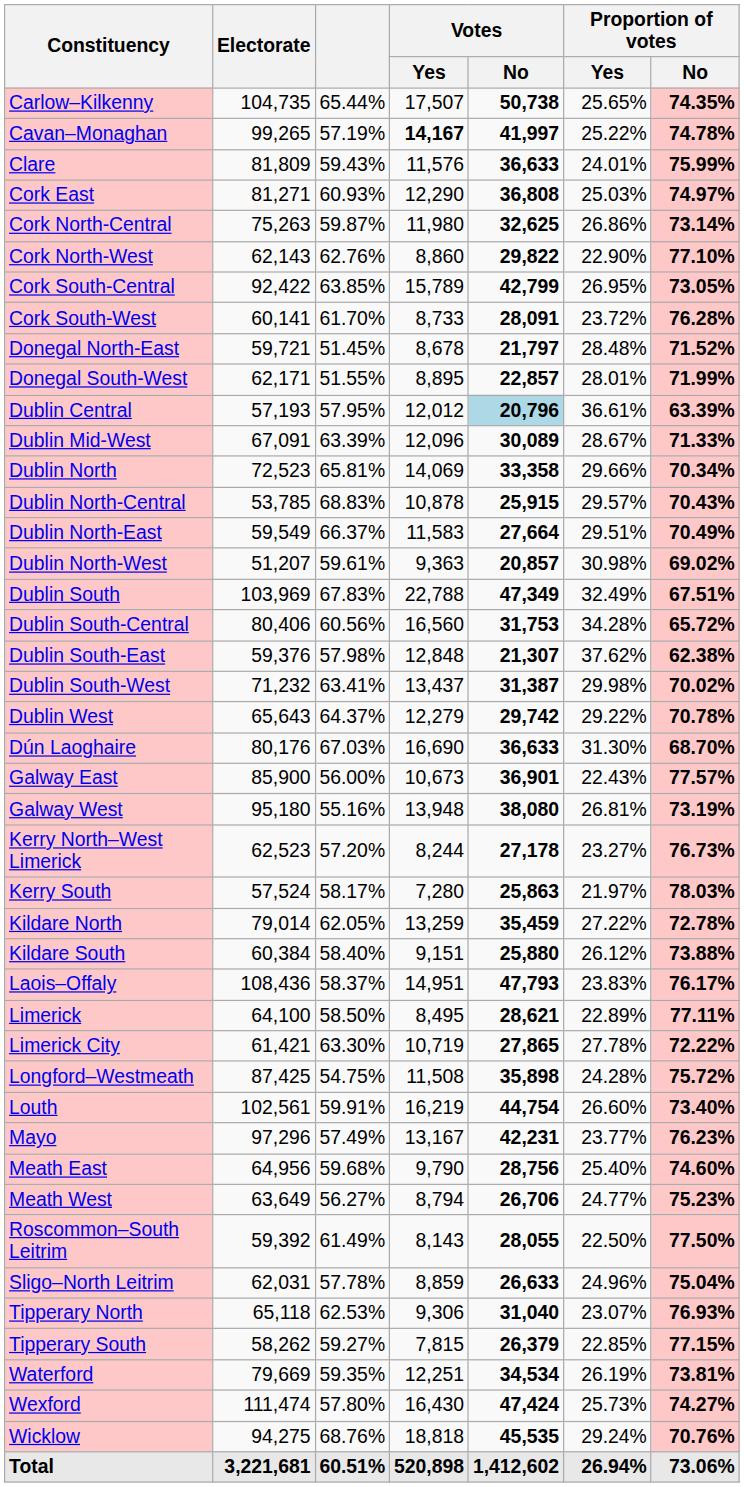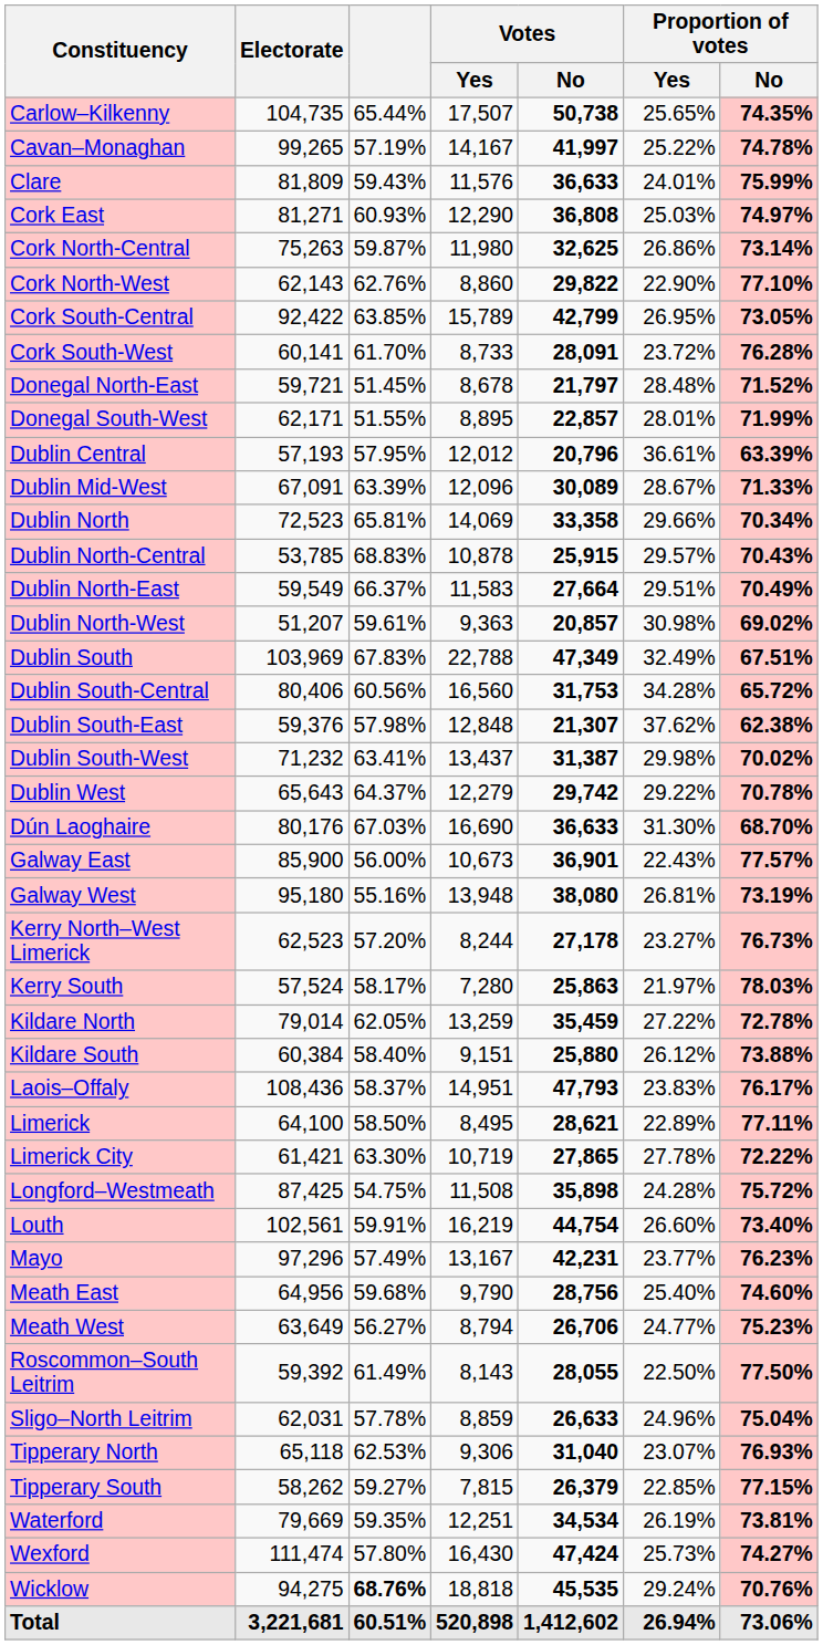 <table class="wikitable sortable">
 <tr>
 <th rowspan=2>Constituency</th>
 <th rowspan=2>Electorate</th>
 <th rowspan=2></th>
 <th colspan=2>Votes</th>
 <th colspan=2>Proportion of votes</th>
 </tr>
 <tr>
 <th>Yes</th>
 <th>No</th>
 <th>Yes</th>
 <th>No</th>
 </tr>
 <tr>
 <td style="background:#ffc8c8;"><a href='#'>Carlow–Kilkenny</a></td>
 <td style="text-align: right;">104,735</td>
 <td style="text-align: right;">65.44%</td>
 <td style="text-align: right;">17,507</td>
 <td style="text-align: right;"><strong>50,738</strong></td>
 <td style="text-align: right;">25.65%</td>
 <td style="text-align: right; background:#ffc8c8;"><strong>74.35%</strong></td>
 </tr>
 <tr>
 <td style="background:#ffc8c8;"><a href='#'>Cavan–Monaghan</a></td>
 <td style="text-align: right;">99,265</td>
 <td style="text-align: right;">57.19%</td>
-<td style="text-align: right;"><strong>14,167</strong></td>
+<td style="text-align: right;">14,167</td>
 <td style="text-align: right;"><strong>41,997</strong></td>
 <td style="text-align: right;">25.22%</td>
 <td style="text-align: right; background:#ffc8c8;"><strong>74.78%</strong></td>
 </tr>
 <tr>
 <td style="background:#ffc8c8;"><a href='#'>Clare</a></td>
 <td style="text-align: right;">81,809</td>
 <td style="text-align: right;">59.43%</td>
 <td style="text-align: right;">11,576</td>
 <td style="text-align: right;"><strong>36,633</strong></td>
 <td style="text-align: right;">24.01%</td>
 <td style="text-align: right; background:#ffc8c8;"><strong>75.99%</strong></td>
 </tr>
 <tr>
 <td style="background:#ffc8c8;"><a href='#'>Cork East</a></td>
 <td style="text-align: right;">81,271</td>
 <td style="text-align: right;">60.93%</td>
 <td style="text-align: right;">12,290</td>
 <td style="text-align: right;"><strong>36,808</strong></td>
 <td style="text-align: right;">25.03%</td>
 <td style="text-align: right; background:#ffc8c8;"><strong>74.97%</strong></td>
 </tr>
 <tr>
 <td style="background:#ffc8c8;"><a href='#'>Cork North-Central</a></td>
 <td style="text-align: right;">75,263</td>
 <td style="text-align: right;">59.87%</td>
 <td style="text-align: right;">11,980</td>
 <td style="text-align: right;"><strong>32,625</strong></td>
 <td style="text-align: right;">26.86%</td>
 <td style="text-align: right; background:#ffc8c8;"><strong>73.14%</strong></td>
 </tr>
 <tr>
 <td style="background:#ffc8c8;"><a href='#'>Cork North-West</a></td>
 <td style="text-align: right;">62,143</td>
 <td style="text-align: right;">62.76%</td>
 <td style="text-align: right;">8,860</td>
 <td style="text-align: right;"><strong>29,822</strong></td>
 <td style="text-align: right;">22.90%</td>
 <td style="text-align: right; background:#ffc8c8;"><strong>77.10%</strong></td>
 </tr>
 <tr>
 <td style="background:#ffc8c8;"><a href='#'>Cork South-Central</a></td>
 <td style="text-align: right;">92,422</td>
 <td style="text-align: right;">63.85%</td>
 <td style="text-align: right;">15,789</td>
 <td style="text-align: right;"><strong>42,799</strong></td>
 <td style="text-align: right;">26.95%</td>
 <td style="text-align: right; background:#ffc8c8;"><strong>73.05%</strong></td>
 </tr>
 <tr>
 <td style="background:#ffc8c8;"><a href='#'>Cork South-West</a></td>
 <td style="text-align: right;">60,141</td>
 <td style="text-align: right;">61.70%</td>
 <td style="text-align: right;">8,733</td>
 <td style="text-align: right;"><strong>28,091</strong></td>
 <td style="text-align: right;">23.72%</td>
 <td style="text-align: right; background:#ffc8c8;"><strong>76.28%</strong></td>
 </tr>
 <tr>
 <td style="background:#ffc8c8;"><a href='#'>Donegal North-East</a></td>
 <td style="text-align: right;">59,721</td>
 <td style="text-align: right;">51.45%</td>
 <td style="text-align: right;">8,678</td>
 <td style="text-align: right;"><strong>21,797</strong></td>
 <td style="text-align: right;">28.48%</td>
 <td style="text-align: right; background:#ffc8c8;"><strong>71.52%</strong></td>
 </tr>
 <tr>
 <td style="background:#ffc8c8;"><a href='#'>Donegal South-West</a></td>
 <td style="text-align: right;">62,171</td>
 <td style="text-align: right;">51.55%</td>
 <td style="text-align: right;">8,895</td>
 <td style="text-align: right;"><strong>22,857</strong></td>
 <td style="text-align: right;">28.01%</td>
 <td style="text-align: right; background:#ffc8c8;"><strong>71.99%</strong></td>
 </tr>
 <tr>
 <td style="background:#ffc8c8;"><a href='#'>Dublin Central</a></td>
 <td style="text-align: right;">57,193</td>
 <td style="text-align: right;">57.95%</td>
 <td style="text-align: right;">12,012</td>
-<td style="background: lightblue; text-align: right;"><strong>20,796</strong></td>
+<td style="text-align: right;"><strong>20,796</strong></td>
 <td style="text-align: right;">36.61%</td>
 <td style="text-align: right; background:#ffc8c8;"><strong>63.39%</strong></td>
 </tr>
 <tr>
 <td style="background:#ffc8c8;"><a href='#'>Dublin Mid-West</a></td>
 <td style="text-align: right;">67,091</td>
 <td style="text-align: right;">63.39%</td>
 <td style="text-align: right;">12,096</td>
 <td style="text-align: right;"><strong>30,089</strong></td>
 <td style="text-align: right;">28.67%</td>
 <td style="text-align: right; background:#ffc8c8;"><strong>71.33%</strong></td>
 </tr>
 <tr>
 <td style="background:#ffc8c8;"><a href='#'>Dublin North</a></td>
 <td style="text-align: right;">72,523</td>
 <td style="text-align: right;">65.81%</td>
 <td style="text-align: right;">14,069</td>
 <td style="text-align: right;"><strong>33,358</strong></td>
 <td style="text-align: right;">29.66%</td>
 <td style="text-align: right; background:#ffc8c8;"><strong>70.34%</strong></td>
 </tr>
 <tr>
 <td style="background:#ffc8c8;"><a href='#'>Dublin North-Central</a></td>
 <td style="text-align: right;">53,785</td>
 <td style="text-align: right;">68.83%</td>
 <td style="text-align: right;">10,878</td>
 <td style="text-align: right;"><strong>25,915</strong></td>
 <td style="text-align: right;">29.57%</td>
 <td style="text-align: right; background:#ffc8c8;"><strong>70.43%</strong></td>
 </tr>
 <tr>
 <td style="background:#ffc8c8;"><a href='#'>Dublin North-East</a></td>
 <td style="text-align: right;">59,549</td>
 <td style="text-align: right;">66.37%</td>
 <td style="text-align: right;">11,583</td>
 <td style="text-align: right;"><strong>27,664</strong></td>
 <td style="text-align: right;">29.51%</td>
 <td style="text-align: right; background:#ffc8c8;"><strong>70.49%</strong></td>
 </tr>
 <tr>
 <td style="background:#ffc8c8;"><a href='#'>Dublin North-West</a></td>
 <td style="text-align: right;">51,207</td>
 <td style="text-align: right;">59.61%</td>
 <td style="text-align: right;">9,363</td>
 <td style="text-align: right;"><strong>20,857</strong></td>
 <td style="text-align: right;">30.98%</td>
 <td style="text-align: right; background:#ffc8c8;"><strong>69.02%</strong></td>
 </tr>
 <tr>
 <td style="background:#ffc8c8;"><a href='#'>Dublin South</a></td>
 <td style="text-align: right;">103,969</td>
 <td style="text-align: right;">67.83%</td>
 <td style="text-align: right;">22,788</td>
 <td style="text-align: right;"><strong>47,349</strong></td>
 <td style="text-align: right;">32.49%</td>
 <td style="text-align: right; background:#ffc8c8;"><strong>67.51%</strong></td>
 </tr>
 <tr>
 <td style="background:#ffc8c8;"><a href='#'>Dublin South-Central</a></td>
 <td style="text-align: right;">80,406</td>
 <td style="text-align: right;">60.56%</td>
 <td style="text-align: right;">16,560</td>
 <td style="text-align: right;"><strong>31,753</strong></td>
 <td style="text-align: right;">34.28%</td>
 <td style="text-align: right; background:#ffc8c8;"><strong>65.72%</strong></td>
 </tr>
 <tr>
 <td style="background:#ffc8c8;"><a href='#'>Dublin South-East</a></td>
 <td style="text-align: right;">59,376</td>
 <td style="text-align: right;">57.98%</td>
 <td style="text-align: right;">12,848</td>
 <td style="text-align: right;"><strong>21,307</strong></td>
 <td style="text-align: right;">37.62%</td>
 <td style="text-align: right; background:#ffc8c8;"><strong>62.38%</strong></td>
 </tr>
 <tr>
 <td style="background:#ffc8c8;"><a href='#'>Dublin South-West</a></td>
 <td style="text-align: right;">71,232</td>
 <td style="text-align: right;">63.41%</td>
 <td style="text-align: right;">13,437</td>
 <td style="text-align: right;"><strong>31,387</strong></td>
 <td style="text-align: right;">29.98%</td>
 <td style="text-align: right; background:#ffc8c8;"><strong>70.02%</strong></td>
 </tr>
 <tr>
 <td style="background:#ffc8c8;"><a href='#'>Dublin West</a></td>
 <td style="text-align: right;">65,643</td>
 <td style="text-align: right;">64.37%</td>
 <td style="text-align: right;">12,279</td>
 <td style="text-align: right;"><strong>29,742</strong></td>
 <td style="text-align: right;">29.22%</td>
 <td style="text-align: right; background:#ffc8c8;"><strong>70.78%</strong></td>
 </tr>
 <tr>
 <td style="background:#ffc8c8;"><a href='#'>Dún Laoghaire</a></td>
 <td style="text-align: right;">80,176</td>
 <td style="text-align: right;">67.03%</td>
 <td style="text-align: right;">16,690</td>
 <td style="text-align: right;"><strong>36,633</strong></td>
 <td style="text-align: right;">31.30%</td>
 <td style="text-align: right; background:#ffc8c8;"><strong>68.70%</strong></td>
 </tr>
 <tr>
 <td style="background:#ffc8c8;"><a href='#'>Galway East</a></td>
 <td style="text-align: right;">85,900</td>
 <td style="text-align: right;">56.00%</td>
 <td style="text-align: right;">10,673</td>
 <td style="text-align: right;"><strong>36,901</strong></td>
 <td style="text-align: right;">22.43%</td>
 <td style="text-align: right; background:#ffc8c8;"><strong>77.57%</strong></td>
 </tr>
 <tr>
 <td style="background:#ffc8c8;"><a href='#'>Galway West</a></td>
 <td style="text-align: right;">95,180</td>
 <td style="text-align: right;">55.16%</td>
 <td style="text-align: right;">13,948</td>
 <td style="text-align: right;"><strong>38,080</strong></td>
 <td style="text-align: right;">26.81%</td>
 <td style="text-align: right; background:#ffc8c8;"><strong>73.19%</strong></td>
 </tr>
 <tr>
 <td style="background:#ffc8c8;"><a href='#'>Kerry North–West Limerick</a></td>
 <td style="text-align: right;">62,523</td>
 <td style="text-align: right;">57.20%</td>
 <td style="text-align: right;">8,244</td>
 <td style="text-align: right;"><strong>27,178</strong></td>
 <td style="text-align: right;">23.27%</td>
 <td style="text-align: right; background:#ffc8c8;"><strong>76.73%</strong></td>
 </tr>
 <tr>
 <td style="background:#ffc8c8;"><a href='#'>Kerry South</a></td>
 <td style="text-align: right;">57,524</td>
 <td style="text-align: right;">58.17%</td>
 <td style="text-align: right;">7,280</td>
 <td style="text-align: right;"><strong>25,863</strong></td>
 <td style="text-align: right;">21.97%</td>
 <td style="text-align: right; background:#ffc8c8;"><strong>78.03%</strong></td>
 </tr>
 <tr>
 <td style="background:#ffc8c8;"><a href='#'>Kildare North</a></td>
 <td style="text-align: right;">79,014</td>
 <td style="text-align: right;">62.05%</td>
 <td style="text-align: right;">13,259</td>
 <td style="text-align: right;"><strong>35,459</strong></td>
 <td style="text-align: right;">27.22%</td>
 <td style="text-align: right; background:#ffc8c8;"><strong>72.78%</strong></td>
 </tr>
 <tr>
 <td style="background:#ffc8c8;"><a href='#'>Kildare South</a></td>
 <td style="text-align: right;">60,384</td>
 <td style="text-align: right;">58.40%</td>
 <td style="text-align: right;">9,151</td>
 <td style="text-align: right;"><strong>25,880</strong></td>
 <td style="text-align: right;">26.12%</td>
 <td style="text-align: right; background:#ffc8c8;"><strong>73.88%</strong></td>
 </tr>
 <tr>
 <td style="background:#ffc8c8;"><a href='#'>Laois–Offaly</a></td>
 <td style="text-align: right;">108,436</td>
 <td style="text-align: right;">58.37%</td>
 <td style="text-align: right;">14,951</td>
 <td style="text-align: right;"><strong>47,793</strong></td>
 <td style="text-align: right;">23.83%</td>
 <td style="text-align: right; background:#ffc8c8;"><strong>76.17%</strong></td>
 </tr>
 <tr>
 <td style="background:#ffc8c8;"><a href='#'>Limerick</a></td>
 <td style="text-align: right;">64,100</td>
 <td style="text-align: right;">58.50%</td>
 <td style="text-align: right;">8,495</td>
 <td style="text-align: right;"><strong>28,621</strong></td>
 <td style="text-align: right;">22.89%</td>
 <td style="text-align: right; background:#ffc8c8;"><strong>77.11%</strong></td>
 </tr>
 <tr>
 <td style="background:#ffc8c8;"><a href='#'>Limerick City</a></td>
 <td style="text-align: right;">61,421</td>
 <td style="text-align: right;">63.30%</td>
 <td style="text-align: right;">10,719</td>
 <td style="text-align: right;"><strong>27,865</strong></td>
 <td style="text-align: right;">27.78%</td>
 <td style="text-align: right; background:#ffc8c8;"><strong>72.22%</strong></td>
 </tr>
 <tr>
 <td style="background:#ffc8c8;"><a href='#'>Longford–Westmeath</a></td>
 <td style="text-align: right;">87,425</td>
 <td style="text-align: right;">54.75%</td>
 <td style="text-align: right;">11,508</td>
 <td style="text-align: right;"><strong>35,898</strong></td>
 <td style="text-align: right;">24.28%</td>
 <td style="text-align: right; background:#ffc8c8;"><strong>75.72%</strong></td>
 </tr>
 <tr>
 <td style="background:#ffc8c8;"><a href='#'>Louth</a></td>
 <td style="text-align: right;">102,561</td>
 <td style="text-align: right;">59.91%</td>
 <td style="text-align: right;">16,219</td>
 <td style="text-align: right;"><strong>44,754</strong></td>
 <td style="text-align: right;">26.60%</td>
 <td style="text-align: right; background:#ffc8c8;"><strong>73.40%</strong></td>
 </tr>
 <tr>
 <td style="background:#ffc8c8;"><a href='#'>Mayo</a></td>
 <td style="text-align: right;">97,296</td>
 <td style="text-align: right;">57.49%</td>
 <td style="text-align: right;">13,167</td>
 <td style="text-align: right;"><strong>42,231</strong></td>
 <td style="text-align: right;">23.77%</td>
 <td style="text-align: right; background:#ffc8c8;"><strong>76.23%</strong></td>
 </tr>
 <tr>
 <td style="background:#ffc8c8;"><a href='#'>Meath East</a></td>
 <td style="text-align: right;">64,956</td>
 <td style="text-align: right;">59.68%</td>
 <td style="text-align: right;">9,790</td>
 <td style="text-align: right;"><strong>28,756</strong></td>
 <td style="text-align: right;">25.40%</td>
 <td style="text-align: right; background:#ffc8c8;"><strong>74.60%</strong></td>
 </tr>
 <tr>
 <td style="background:#ffc8c8;"><a href='#'>Meath West</a></td>
 <td style="text-align: right;">63,649</td>
 <td style="text-align: right;">56.27%</td>
 <td style="text-align: right;">8,794</td>
 <td style="text-align: right;"><strong>26,706</strong></td>
 <td style="text-align: right;">24.77%</td>
 <td style="text-align: right; background:#ffc8c8;"><strong>75.23%</strong></td>
 </tr>
 <tr>
 <td style="background:#ffc8c8;"><a href='#'>Roscommon–South Leitrim</a></td>
 <td style="text-align: right;">59,392</td>
 <td style="text-align: right;">61.49%</td>
 <td style="text-align: right;">8,143</td>
 <td style="text-align: right;"><strong>28,055</strong></td>
 <td style="text-align: right;">22.50%</td>
 <td style="text-align: right; background:#ffc8c8;"><strong>77.50%</strong></td>
 </tr>
 <tr>
 <td style="background:#ffc8c8;"><a href='#'>Sligo–North Leitrim</a></td>
 <td style="text-align: right;">62,031</td>
 <td style="text-align: right;">57.78%</td>
 <td style="text-align: right;">8,859</td>
 <td style="text-align: right;"><strong>26,633</strong></td>
 <td style="text-align: right;">24.96%</td>
 <td style="text-align: right; background:#ffc8c8;"><strong>75.04%</strong></td>
 </tr>
 <tr>
 <td style="background:#ffc8c8;"><a href='#'>Tipperary North</a></td>
 <td style="text-align: right;">65,118</td>
 <td style="text-align: right;">62.53%</td>
 <td style="text-align: right;">9,306</td>
 <td style="text-align: right;"><strong>31,040</strong></td>
 <td style="text-align: right;">23.07%</td>
 <td style="text-align: right; background:#ffc8c8;"><strong>76.93%</strong></td>
 </tr>
 <tr>
 <td style="background:#ffc8c8;"><a href='#'>Tipperary South</a></td>
 <td style="text-align: right;">58,262</td>
 <td style="text-align: right;">59.27%</td>
 <td style="text-align: right;">7,815</td>
 <td style="text-align: right;"><strong>26,379</strong></td>
 <td style="text-align: right;">22.85%</td>
 <td style="text-align: right; background:#ffc8c8;"><strong>77.15%</strong></td>
 </tr>
 <tr>
 <td style="background:#ffc8c8;"><a href='#'>Waterford</a></td>
 <td style="text-align: right;">79,669</td>
 <td style="text-align: right;">59.35%</td>
 <td style="text-align: right;">12,251</td>
 <td style="text-align: right;"><strong>34,534</strong></td>
 <td style="text-align: right;">26.19%</td>
 <td style="text-align: right; background:#ffc8c8;"><strong>73.81%</strong></td>
 </tr>
 <tr>
 <td style="background:#ffc8c8;"><a href='#'>Wexford</a></td>
 <td style="text-align: right;">111,474</td>
 <td style="text-align: right;">57.80%</td>
 <td style="text-align: right;">16,430</td>
 <td style="text-align: right;"><strong>47,424</strong></td>
 <td style="text-align: right;">25.73%</td>
 <td style="text-align: right; background:#ffc8c8;"><strong>74.27%</strong></td>
 </tr>
 <tr>
 <td style="background:#ffc8c8;"><a href='#'>Wicklow</a></td>
 <td style="text-align: right;">94,275</td>
-<td style="text-align: right;">68.76%</td>
+<td style="text-align: right;"><strong>68.76%</strong></td>
 <td style="text-align: right;">18,818</td>
 <td style="text-align: right;"><strong>45,535</strong></td>
 <td style="text-align: right;">29.24%</td>
 <td style="text-align: right; background:#ffc8c8;"><strong>70.76%</strong></td>
 </tr>
 <tr class="sortbottom" style="font-weight:bold; background-color:rgb(232,232,232);">
 <td>Total</td>
 <td style="text-align: right;">3,221,681</td>
 <td style="text-align: right;">60.51%</td>
 <td style="text-align: right;">520,898</td>
 <td style="text-align: right;">1,412,602</td>
 <td style="text-align: right;">26.94%</td>
 <td style="text-align: right;">73.06%</td>
 </tr>
 </table>
